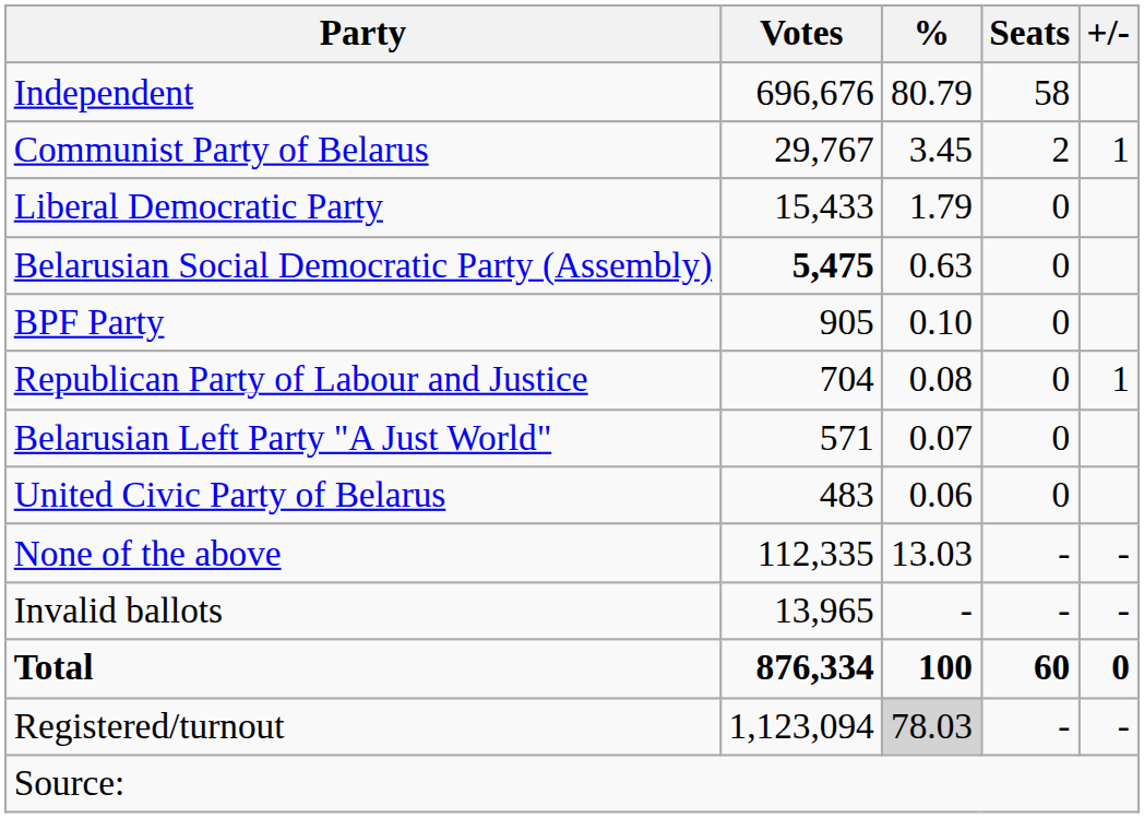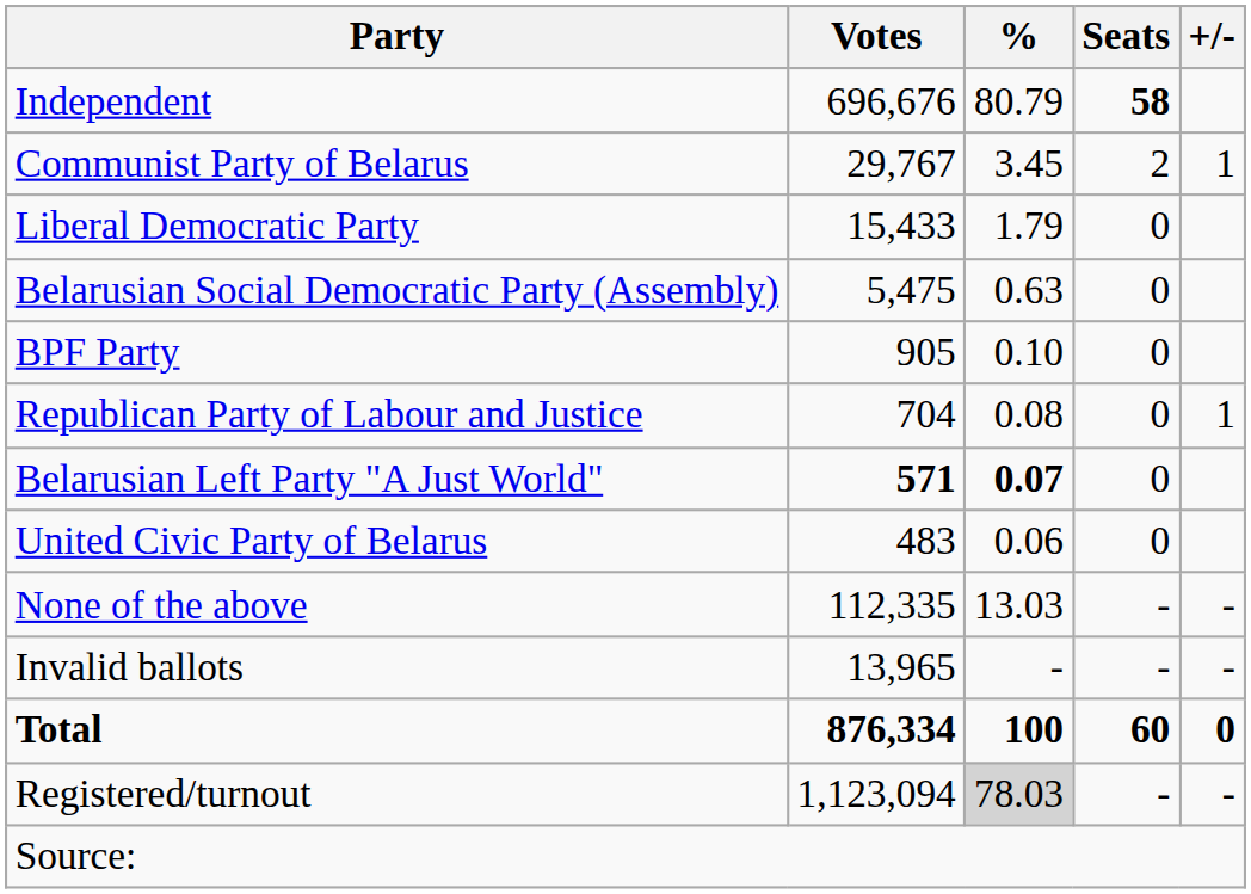 <table class="wikitable sortable" style="text-align:right">
 <tr>
 <th>Party</th>
 <th>Votes</th>
 <th>%</th>
 <th>Seats</th>
 <th>+/-</th>
 </tr>
 <tr>
 <td align=left><a href='#'>Independent</a></td>
 <td>696,676</td>
 <td>80.79</td>
-<td>58</td>
+<td><strong>58</strong></td>
 <td></td>
 </tr>
 <tr>
 <td align=left><a href='#'>Communist Party of Belarus</a></td>
 <td>29,767</td>
 <td>3.45</td>
 <td>2</td>
 <td>1</td>
 </tr>
 <tr>
 <td align=left><a href='#'>Liberal Democratic Party</a></td>
 <td>15,433</td>
 <td>1.79</td>
 <td>0</td>
 <td></td>
 </tr>
 <tr>
 <td align=left><a href='#'>Belarusian Social Democratic Party (Assembly)</a></td>
-<td><strong>5,475</strong></td>
+<td>5,475</td>
 <td>0.63</td>
 <td>0</td>
 <td></td>
 </tr>
 <tr>
 <td align=left><a href='#'>BPF Party</a></td>
 <td>905</td>
 <td>0.10</td>
 <td>0</td>
 <td></td>
 </tr>
 <tr>
 <td align=left><a href='#'>Republican Party of Labour and Justice</a></td>
 <td>704</td>
 <td>0.08</td>
 <td>0</td>
 <td>1</td>
 </tr>
 <tr>
 <td align=left><a href='#'>Belarusian Left Party "A Just World"</a></td>
-<td>571</td>
-<td>0.07</td>
+<td><strong>571</strong></td>
+<td><strong>0.07</strong></td>
 <td>0</td>
 <td></td>
 </tr>
 <tr>
 <td align=left><a href='#'>United Civic Party of Belarus</a></td>
 <td>483</td>
 <td>0.06</td>
 <td>0</td>
 <td></td>
 </tr>
 <tr>
 <td align=left><a href='#'>None of the above</a></td>
 <td>112,335</td>
 <td>13.03</td>
 <td>-</td>
 <td>-</td>
 </tr>
 <tr>
 <td align=left>Invalid ballots</td>
 <td>13,965</td>
 <td>-</td>
 <td>-</td>
 <td>-</td>
 </tr>
 <tr>
 <td align=left><strong>Total</strong></td>
 <td><strong>876,334</strong></td>
 <td><strong>100</strong></td>
 <td><strong>60</strong></td>
 <td><strong>0</strong></td>
 </tr>
 <tr>
 <td align=left>Registered/turnout</td>
 <td>1,123,094</td>
 <td style="background: lightgrey;">78.03</td>
 <td>-</td>
 <td>-</td>
 </tr>
 <tr>
 <td align=left colspan=5>Source: </td>
 </tr>
 </table>
